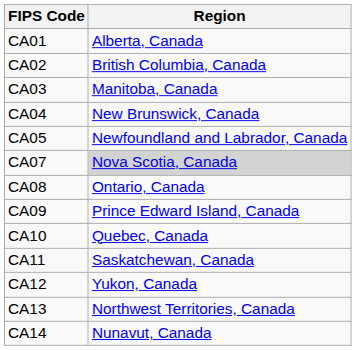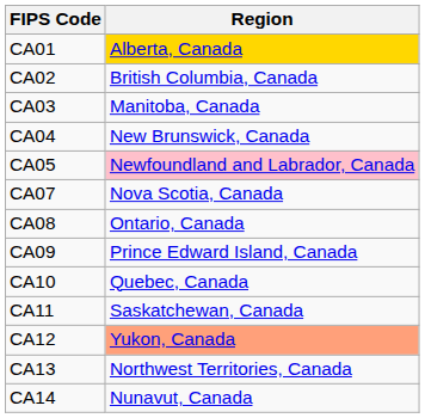 <table class="wikitable">
 <tr>
 <th>FIPS Code</th>
 <th>Region</th>
 </tr>
 <tr>
 <td>CA01</td>
-<td><a href='#'>Alberta, Canada</a></td>
+<td style="background: gold;"><a href='#'>Alberta, Canada</a></td>
 </tr>
 <tr>
 <td>CA02</td>
 <td><a href='#'>British Columbia, Canada</a></td>
 </tr>
 <tr>
 <td>CA03</td>
 <td><a href='#'>Manitoba, Canada</a></td>
 </tr>
 <tr>
 <td>CA04</td>
 <td><a href='#'>New Brunswick, Canada</a></td>
 </tr>
 <tr>
 <td>CA05</td>
-<td><a href='#'>Newfoundland and Labrador, Canada</a></td>
+<td style="background: pink;"><a href='#'>Newfoundland and Labrador, Canada</a></td>
 </tr>
 <tr>
 <td>CA07</td>
-<td style="background: lightgrey;"><a href='#'>Nova Scotia, Canada</a></td>
+<td><a href='#'>Nova Scotia, Canada</a></td>
 </tr>
 <tr>
 <td>CA08</td>
 <td><a href='#'>Ontario, Canada</a></td>
 </tr>
 <tr>
 <td>CA09</td>
 <td><a href='#'>Prince Edward Island, Canada</a></td>
 </tr>
 <tr>
 <td>CA10</td>
 <td><a href='#'>Quebec, Canada</a></td>
 </tr>
 <tr>
 <td>CA11</td>
 <td><a href='#'>Saskatchewan, Canada</a></td>
 </tr>
 <tr>
 <td>CA12</td>
-<td><a href='#'>Yukon, Canada</a></td>
+<td style="background: lightsalmon;"><a href='#'>Yukon, Canada</a></td>
 </tr>
 <tr>
 <td>CA13</td>
 <td><a href='#'>Northwest Territories, Canada</a></td>
 </tr>
 <tr>
 <td>CA14</td>
 <td><a href='#'>Nunavut, Canada</a></td>
 </tr>
 </table>
